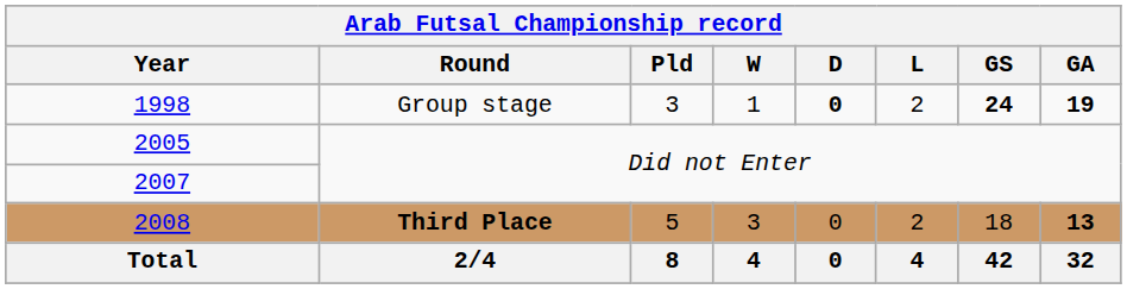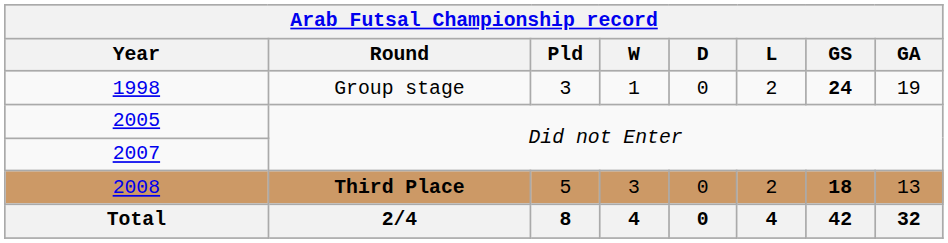 <table class="wikitable" style="text-align: center;font-size:90%;">
 <tr>
 <th colspan=8><a href='#'>Arab Futsal Championship record</a></th>
 </tr>
 <tr>
 <th width=150>Year</th>
 <th width=150>Round</th>
 <th width=35>Pld</th>
 <th width=35>W</th>
 <th width=35>D</th>
 <th width=35>L</th>
 <th width=35>GS</th>
 <th width=35>GA</th>
 </tr>
 <tr bgcolor=>
 <td> <a href='#'>1998</a></td>
 <td>Group stage</td>
 <td>3</td>
 <td>1</td>
-<td><strong>0</strong></td>
+<td>0</td>
 <td>2</td>
 <td><strong>24</strong></td>
-<td><strong>19</strong></td>
+<td>19</td>
 </tr>
 <tr>
 <td> <a href='#'>2005</a></td>
 <td colspan=7 rowspan=2><em>Did not Enter</em></td>
 </tr>
 <tr>
 <td> <a href='#'>2007</a></td>
 </tr>
 <tr bgcolor=#cc9966>
 <td> <a href='#'>2008</a></td>
 <td><strong>Third Place</strong></td>
 <td>5</td>
 <td>3</td>
 <td>0</td>
 <td>2</td>
-<td>18</td>
-<td><strong>13</strong></td>
+<td><strong>18</strong></td>
+<td>13</td>
 </tr>
 <tr>
 <th><strong>Total</strong></th>
 <th>2/4</th>
 <th>8</th>
 <th>4</th>
 <th>0</th>
 <th>4</th>
 <th>42</th>
 <th>32</th>
 </tr>
 </table>
